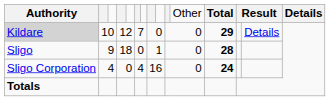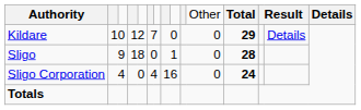 <table class="wikitable" style="text-align:right; padding-left:1em">
 <tr>
 <th align="left">Authority</th>
 <th style="background-color: "></th>
 <td><a href='#'></a></td>
 <th style="background-color: "></th>
 <td><a href='#'></a></td>
 <th style="background-color: "></th>
 <td><a href='#'></a></td>
 <th style="background-color: "></th>
 <td><a href='#'></a></td>
 <th></th>
 <td>Other</td>
 <th align="left">Total</th>
 <th colspan=2>Result</th>
 <th>Details</th>
 </tr>
 <tr>
-<td align=left style="background: lightgrey;"><a href='#'>Kildare</a></td>
+<td align=left><a href='#'>Kildare</a></td>
 <td colspan=2>10</td>
 <td colspan=2>12</td>
 <td colspan=2>7</td>
 <td colspan=2>0</td>
 <td colspan=2>0</td>
 <td><strong>29</strong></td>
 <td></td>
 <td><a href='#'>Details</a></td>
 </tr>
 <tr>
 <td align=left><a href='#'>Sligo</a></td>
 <td colspan=2>9</td>
 <td colspan=2>18</td>
 <td colspan=2>0</td>
 <td colspan=2>1</td>
 <td colspan=2>0</td>
 <td><strong>28</strong></td>
 <td></td>
 <td></td>
 </tr>
 <tr>
 <td align=left><a href='#'>Sligo Corporation</a></td>
 <td colspan=2>4</td>
 <td colspan=2>0</td>
 <td colspan=2>4</td>
 <td colspan=2>16</td>
 <td colspan=2>0</td>
 <td><strong>24</strong></td>
 <td></td>
 <td></td>
 </tr>
 <tr>
 <td align=left><strong>Totals</strong></td>
 <td colspan=2></td>
 <td colspan=2></td>
 <td colspan=2></td>
 <td colspan=2></td>
 <td colspan=2></td>
 <td></td>
 </tr>
 </table>
